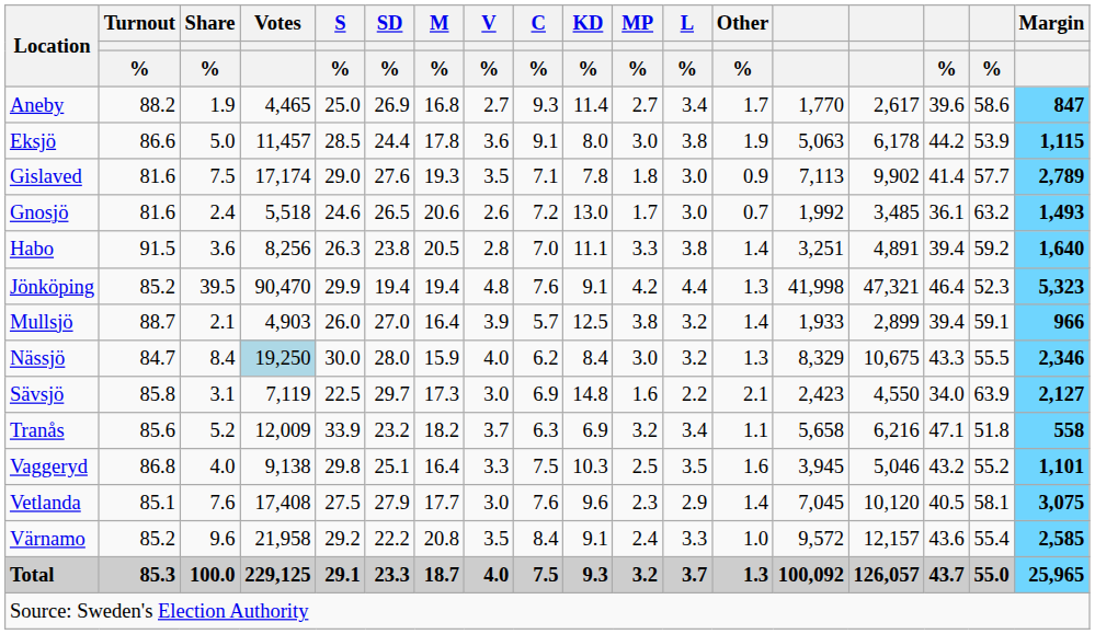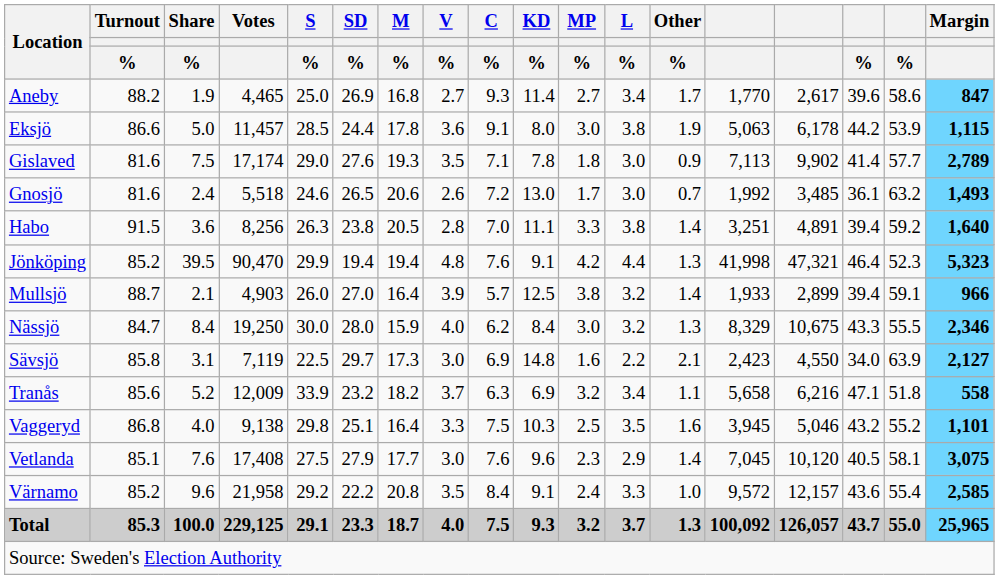 <table class="wikitable sortable" style="text-align:right; font-size:95%; line-height:20px;">
 <tr>
 <th rowspan="3">Location</th>
 <th>Turnout</th>
 <th>Share</th>
 <th>Votes</th>
 <th width="30px" class="unsortable"><a href='#'>S</a></th>
 <th width="30px" class="unsortable"><a href='#'>SD</a></th>
 <th width="30px" class="unsortable"><a href='#'>M</a></th>
 <th width="30px" class="unsortable"><a href='#'>V</a></th>
 <th width="30px" class="unsortable"><a href='#'>C</a></th>
 <th width="30px" class="unsortable"><a href='#'>KD</a></th>
 <th width="30px" class="unsortable"><a href='#'>MP</a></th>
 <th width="30px" class="unsortable"><a href='#'>L</a></th>
 <th width="30px" class="unsortable">Other</th>
 <th></th>
 <th></th>
 <th></th>
 <th></th>
 <th>Margin</th>
 </tr>
 <tr>
 <th></th>
 <th></th>
 <th></th>
 <th style="background:"></th>
 <th style="background:"></th>
 <th style="background:"></th>
 <th style="background:"></th>
 <th style="background:"></th>
 <th style="background:"></th>
 <th style="background:"></th>
 <th style="background:"></th>
 <th style="background:"></th>
 <th style="background:"></th>
 <th style="background:"></th>
 <th style="background:"></th>
 <th style="background:"></th>
 <th></th>
 </tr>
 <tr>
 <th data-sort-type="number">%</th>
 <th data-sort-type="number">%</th>
 <th></th>
 <th data-sort-type="number">%</th>
 <th data-sort-type="number">%</th>
 <th data-sort-type="number">%</th>
 <th data-sort-type="number">%</th>
 <th data-sort-type="number">%</th>
 <th data-sort-type="number">%</th>
 <th data-sort-type="number">%</th>
 <th data-sort-type="number">%</th>
 <th data-sort-type="number">%</th>
 <th data-sort-type="number"></th>
 <th data-sort-type="number"></th>
 <th data-sort-type="number">%</th>
 <th data-sort-type="number">%</th>
 <th data-sort-type="number"></th>
 </tr>
 <tr>
 <td align="left"><a href='#'>Aneby</a></td>
 <td>88.2</td>
 <td>1.9</td>
 <td>4,465</td>
 <td>25.0</td>
 <td>26.9</td>
 <td>16.8</td>
 <td>2.7</td>
 <td>9.3</td>
 <td>11.4</td>
 <td>2.7</td>
 <td>3.4</td>
 <td>1.7</td>
 <td>1,770</td>
 <td>2,617</td>
 <td>39.6</td>
 <td>58.6</td>
 <td bgcolor=#6fd5fe><strong>847</strong></td>
 </tr>
 <tr>
 <td align="left"><a href='#'>Eksjö</a></td>
 <td>86.6</td>
 <td>5.0</td>
 <td>11,457</td>
 <td>28.5</td>
 <td>24.4</td>
 <td>17.8</td>
 <td>3.6</td>
 <td>9.1</td>
 <td>8.0</td>
 <td>3.0</td>
 <td>3.8</td>
 <td>1.9</td>
 <td>5,063</td>
 <td>6,178</td>
 <td>44.2</td>
 <td>53.9</td>
 <td bgcolor=#6fd5fe><strong>1,115</strong></td>
 </tr>
 <tr>
 <td align="left"><a href='#'>Gislaved</a></td>
 <td>81.6</td>
 <td>7.5</td>
 <td>17,174</td>
 <td>29.0</td>
 <td>27.6</td>
 <td>19.3</td>
 <td>3.5</td>
 <td>7.1</td>
 <td>7.8</td>
 <td>1.8</td>
 <td>3.0</td>
 <td>0.9</td>
 <td>7,113</td>
 <td>9,902</td>
 <td>41.4</td>
 <td>57.7</td>
 <td bgcolor=#6fd5fe><strong>2,789</strong></td>
 </tr>
 <tr>
 <td align="left"><a href='#'>Gnosjö</a></td>
 <td>81.6</td>
 <td>2.4</td>
 <td>5,518</td>
 <td>24.6</td>
 <td>26.5</td>
 <td>20.6</td>
 <td>2.6</td>
 <td>7.2</td>
 <td>13.0</td>
 <td>1.7</td>
 <td>3.0</td>
 <td>0.7</td>
 <td>1,992</td>
 <td>3,485</td>
 <td>36.1</td>
 <td>63.2</td>
 <td bgcolor=#6fd5fe><strong>1,493</strong></td>
 </tr>
 <tr>
 <td align="left"><a href='#'>Habo</a></td>
 <td>91.5</td>
 <td>3.6</td>
 <td>8,256</td>
 <td>26.3</td>
 <td>23.8</td>
 <td>20.5</td>
 <td>2.8</td>
 <td>7.0</td>
 <td>11.1</td>
 <td>3.3</td>
 <td>3.8</td>
 <td>1.4</td>
 <td>3,251</td>
 <td>4,891</td>
 <td>39.4</td>
 <td>59.2</td>
 <td bgcolor=#6fd5fe><strong>1,640</strong></td>
 </tr>
 <tr>
 <td align="left"><a href='#'>Jönköping</a></td>
 <td>85.2</td>
 <td>39.5</td>
 <td>90,470</td>
 <td>29.9</td>
 <td>19.4</td>
 <td>19.4</td>
 <td>4.8</td>
 <td>7.6</td>
 <td>9.1</td>
 <td>4.2</td>
 <td>4.4</td>
 <td>1.3</td>
 <td>41,998</td>
 <td>47,321</td>
 <td>46.4</td>
 <td>52.3</td>
 <td bgcolor=#6fd5fe><strong>5,323</strong></td>
 </tr>
 <tr>
 <td align="left"><a href='#'>Mullsjö</a></td>
 <td>88.7</td>
 <td>2.1</td>
 <td>4,903</td>
 <td>26.0</td>
 <td>27.0</td>
 <td>16.4</td>
 <td>3.9</td>
 <td>5.7</td>
 <td>12.5</td>
 <td>3.8</td>
 <td>3.2</td>
 <td>1.4</td>
 <td>1,933</td>
 <td>2,899</td>
 <td>39.4</td>
 <td>59.1</td>
 <td bgcolor=#6fd5fe><strong>966</strong></td>
 </tr>
 <tr>
 <td align="left"><a href='#'>Nässjö</a></td>
 <td>84.7</td>
 <td>8.4</td>
-<td style="background: lightblue;">19,250</td>
+<td>19,250</td>
 <td>30.0</td>
 <td>28.0</td>
 <td>15.9</td>
 <td>4.0</td>
 <td>6.2</td>
 <td>8.4</td>
 <td>3.0</td>
 <td>3.2</td>
 <td>1.3</td>
 <td>8,329</td>
 <td>10,675</td>
 <td>43.3</td>
 <td>55.5</td>
 <td bgcolor=#6fd5fe><strong>2,346</strong></td>
 </tr>
 <tr>
 <td align="left"><a href='#'>Sävsjö</a></td>
 <td>85.8</td>
 <td>3.1</td>
 <td>7,119</td>
 <td>22.5</td>
 <td>29.7</td>
 <td>17.3</td>
 <td>3.0</td>
 <td>6.9</td>
 <td>14.8</td>
 <td>1.6</td>
 <td>2.2</td>
 <td>2.1</td>
 <td>2,423</td>
 <td>4,550</td>
 <td>34.0</td>
 <td>63.9</td>
 <td bgcolor=#6fd5fe><strong>2,127</strong></td>
 </tr>
 <tr>
 <td align="left"><a href='#'>Tranås</a></td>
 <td>85.6</td>
 <td>5.2</td>
 <td>12,009</td>
 <td>33.9</td>
 <td>23.2</td>
 <td>18.2</td>
 <td>3.7</td>
 <td>6.3</td>
 <td>6.9</td>
 <td>3.2</td>
 <td>3.4</td>
 <td>1.1</td>
 <td>5,658</td>
 <td>6,216</td>
 <td>47.1</td>
 <td>51.8</td>
 <td bgcolor=#6fd5fe><strong>558</strong></td>
 </tr>
 <tr>
 <td align="left"><a href='#'>Vaggeryd</a></td>
 <td>86.8</td>
 <td>4.0</td>
 <td>9,138</td>
 <td>29.8</td>
 <td>25.1</td>
 <td>16.4</td>
 <td>3.3</td>
 <td>7.5</td>
 <td>10.3</td>
 <td>2.5</td>
 <td>3.5</td>
 <td>1.6</td>
 <td>3,945</td>
 <td>5,046</td>
 <td>43.2</td>
 <td>55.2</td>
 <td bgcolor=#6fd5fe><strong>1,101</strong></td>
 </tr>
 <tr>
 <td align="left"><a href='#'>Vetlanda</a></td>
 <td>85.1</td>
 <td>7.6</td>
 <td>17,408</td>
 <td>27.5</td>
 <td>27.9</td>
 <td>17.7</td>
 <td>3.0</td>
 <td>7.6</td>
 <td>9.6</td>
 <td>2.3</td>
 <td>2.9</td>
 <td>1.4</td>
 <td>7,045</td>
 <td>10,120</td>
 <td>40.5</td>
 <td>58.1</td>
 <td bgcolor=#6fd5fe><strong>3,075</strong></td>
 </tr>
 <tr>
 <td align="left"><a href='#'>Värnamo</a></td>
 <td>85.2</td>
 <td>9.6</td>
 <td>21,958</td>
 <td>29.2</td>
 <td>22.2</td>
 <td>20.8</td>
 <td>3.5</td>
 <td>8.4</td>
 <td>9.1</td>
 <td>2.4</td>
 <td>3.3</td>
 <td>1.0</td>
 <td>9,572</td>
 <td>12,157</td>
 <td>43.6</td>
 <td>55.4</td>
 <td bgcolor=#6fd5fe><strong>2,585</strong></td>
 </tr>
 <tr style="background:#CDCDCD;">
 <td align="left"><strong>Total</strong></td>
 <td><strong>85.3</strong></td>
 <td><strong>100.0</strong></td>
 <td><strong>229,125</strong></td>
 <td><strong>29.1</strong></td>
 <td><strong>23.3</strong></td>
 <td><strong>18.7</strong></td>
 <td><strong>4.0</strong></td>
 <td><strong>7.5</strong></td>
 <td><strong>9.3</strong></td>
 <td><strong>3.2</strong></td>
 <td><strong>3.7</strong></td>
 <td><strong>1.3</strong></td>
 <td><strong>100,092</strong></td>
 <td><strong>126,057</strong></td>
 <td><strong>43.7</strong></td>
 <td><strong>55.0</strong></td>
 <td bgcolor=#6fd5fe><strong>25,965</strong></td>
 </tr>
 <tr>
 <td colspan="18" align="left">Source: Sweden's <a href='#'>Election Authority</a></td>
 </tr>
 </table>
